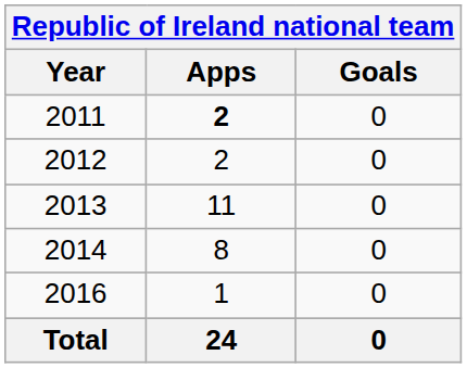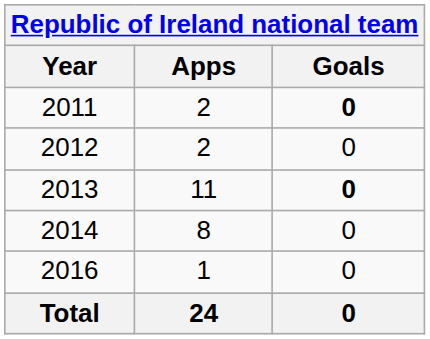 <table class="wikitable" style="text-align:center">
 <tr>
 <th colspan="3"><a href='#'>Republic of Ireland national team</a></th>
 </tr>
 <tr>
 <th>Year</th>
 <th>Apps</th>
 <th>Goals</th>
 </tr>
 <tr>
 <td>2011</td>
-<td><strong>2</strong></td>
-<td>0</td>
+<td>2</td>
+<td><strong>0</strong></td>
 </tr>
 <tr>
 <td>2012</td>
 <td>2</td>
 <td>0</td>
 </tr>
 <tr>
 <td>2013</td>
 <td>11</td>
-<td>0</td>
+<td><strong>0</strong></td>
 </tr>
 <tr>
 <td>2014</td>
 <td>8</td>
 <td>0</td>
 </tr>
 <tr>
 <td>2016</td>
 <td>1</td>
 <td>0</td>
 </tr>
 <tr>
 <th>Total</th>
 <th>24</th>
 <th>0</th>
 </tr>
 </table>
